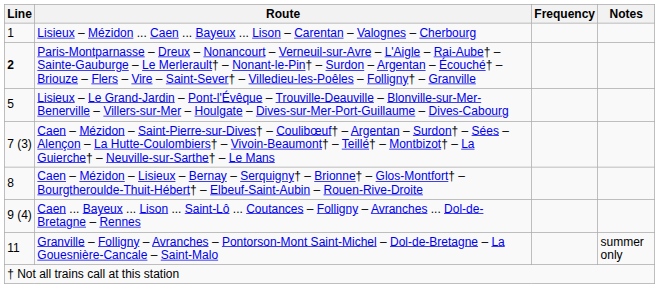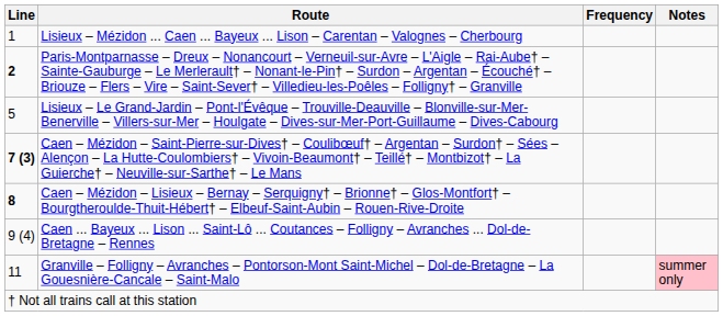 <table class="wikitable vatop">
 <tr>
 <th>Line</th>
 <th>Route</th>
 <th>Frequency</th>
 <th>Notes</th>
 </tr>
 <tr>
 <td>1</td>
 <td><a href='#'>Lisieux</a> – <a href='#'>Mézidon</a> ... <a href='#'>Caen</a> ... <a href='#'>Bayeux</a> ... <a href='#'>Lison</a> – <a href='#'>Carentan</a> – <a href='#'>Valognes</a> – <a href='#'>Cherbourg</a></td>
 <td></td>
 <td></td>
 </tr>
 <tr>
 <td><strong>2</strong></td>
 <td><a href='#'>Paris-Montparnasse</a> – <a href='#'>Dreux</a> – <a href='#'>Nonancourt</a> – <a href='#'>Verneuil-sur-Avre</a> – <a href='#'>L'Aigle</a> – <a href='#'>Rai-Aube</a>† – <a href='#'>Sainte-Gauburge</a> – <a href='#'>Le Merlerault</a>† – <a href='#'>Nonant-le-Pin</a>† – <a href='#'>Surdon</a> – <a href='#'>Argentan</a> – <a href='#'>Écouché</a>† – <a href='#'>Briouze</a> – <a href='#'>Flers</a> – <a href='#'>Vire</a> – <a href='#'>Saint-Sever</a>† – <a href='#'>Villedieu-les-Poêles</a> – <a href='#'>Folligny</a>† – <a href='#'>Granville</a></td>
 <td></td>
 <td></td>
 </tr>
 <tr>
 <td>5</td>
 <td><a href='#'>Lisieux</a> – <a href='#'>Le Grand-Jardin</a> – <a href='#'>Pont-l'Évêque</a> – <a href='#'>Trouville-Deauville</a> – <a href='#'>Blonville-sur-Mer-Benerville</a> – <a href='#'>Villers-sur-Mer</a> – <a href='#'>Houlgate</a> – <a href='#'>Dives-sur-Mer-Port-Guillaume</a> – <a href='#'>Dives-Cabourg</a></td>
 <td></td>
 <td></td>
 </tr>
 <tr>
-<td>7 (3)</td>
+<td><strong>7 (3)</strong></td>
 <td><a href='#'>Caen</a> – <a href='#'>Mézidon</a> – <a href='#'>Saint-Pierre-sur-Dives</a>† – <a href='#'>Coulibœuf</a>† – <a href='#'>Argentan</a> – <a href='#'>Surdon</a>† – <a href='#'>Sées</a> – <a href='#'>Alençon</a> – <a href='#'>La Hutte-Coulombiers</a>† – <a href='#'>Vivoin-Beaumont</a>† – <a href='#'>Teillé</a>† – <a href='#'>Montbizot</a>† – <a href='#'>La Guierche</a>† – <a href='#'>Neuville-sur-Sarthe</a>† – <a href='#'>Le Mans</a></td>
 <td></td>
 <td></td>
 </tr>
 <tr>
-<td>8</td>
+<td><strong>8</strong></td>
 <td><a href='#'>Caen</a> – <a href='#'>Mézidon</a> – <a href='#'>Lisieux</a> – <a href='#'>Bernay</a> – <a href='#'>Serquigny</a>† – <a href='#'>Brionne</a>† – <a href='#'>Glos-Montfort</a>† – <a href='#'>Bourgtheroulde-Thuit-Hébert</a>† – <a href='#'>Elbeuf-Saint-Aubin</a> – <a href='#'>Rouen-Rive-Droite</a></td>
 <td></td>
 <td></td>
 </tr>
 <tr>
 <td>9 (4)</td>
 <td><a href='#'>Caen</a> ... <a href='#'>Bayeux</a> ... <a href='#'>Lison</a> ... <a href='#'>Saint-Lô</a> ... <a href='#'>Coutances</a> – <a href='#'>Folligny</a> – <a href='#'>Avranches</a> ... <a href='#'>Dol-de-Bretagne</a> – <a href='#'>Rennes</a></td>
 <td></td>
 <td></td>
 </tr>
 <tr>
 <td>11</td>
 <td><a href='#'>Granville</a> – <a href='#'>Folligny</a> – <a href='#'>Avranches</a> – <a href='#'>Pontorson-Mont Saint-Michel</a> – <a href='#'>Dol-de-Bretagne</a> – <a href='#'>La Gouesnière-Cancale</a> – <a href='#'>Saint-Malo</a></td>
 <td></td>
-<td>summer only</td>
+<td style="background: pink;">summer only</td>
 </tr>
 <tr>
 <td colspan=4>† Not all trains call at this station</td>
 </tr>
 </table>
